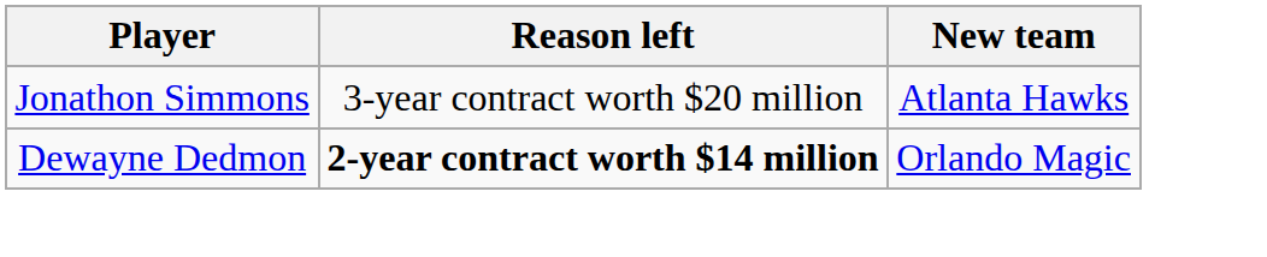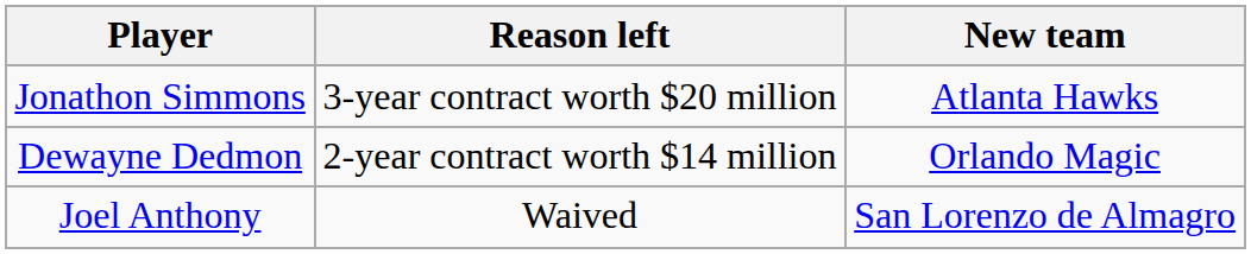 <table class="wikitable sortable sortable" style="text-align: center">
 <tr>
 <th>Player</th>
 <th>Reason left</th>
 <th>New team</th>
 </tr>
 <tr style="text-align: center">
 <td><a href='#'>Jonathon Simmons</a></td>
 <td>3-year contract worth $20 million</td>
 <td><a href='#'>Atlanta Hawks</a></td>
 </tr>
 <tr style="text-align: center">
 <td><a href='#'>Dewayne Dedmon</a></td>
-<td><strong>2-year contract worth $14 million</strong></td>
+<td>2-year contract worth $14 million</td>
 <td><a href='#'>Orlando Magic</a></td>
 </tr>
+<tr style="text-align: center">
+<td><a href='#'>Joel Anthony</a></td>
+<td>Waived</td>
+<td> <a href='#'>San Lorenzo de Almagro</a></td>
+</tr>
 </table>
